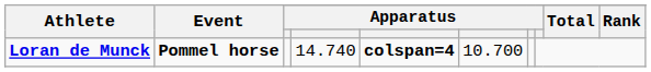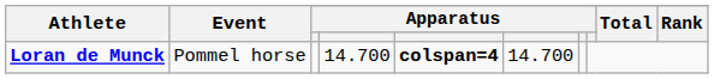 <table class="wikitable" style="font-size:90%">
 <tr>
 <th rowspan=3>Athlete</th>
 <th rowspan=3>Event</th>
 </tr>
 <tr style="font-size:95%">
 <th colspan=6>Apparatus</th>
 <th rowspan=2>Total</th>
 <th rowspan=2>Rank</th>
 </tr>
 <tr style="font-size:95%">
 <th></th>
 <th></th>
 <th></th>
 <th></th>
 <th></th>
 <th></th>
 </tr>
 <tr align=center>
 <td align=left><strong><a href='#'>Loran de Munck</a></strong></td>
-<td><strong>Pommel horse</strong></td>
+<td>Pommel horse</td>
 <td></td>
-<td>14.740</td>
+<td>14.700</td>
 <td><strong>colspan=4 </strong></td>
-<td>10.700</td>
+<td>14.700</td>
 <td></td>
 </tr>
 </table>
